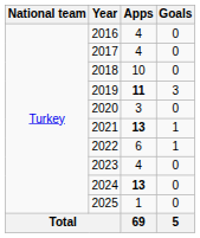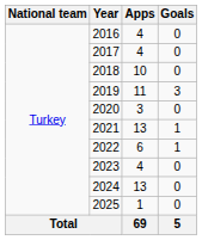 <table class="wikitable" style="text-align:center">
 <tr>
 <th>National team</th>
 <th>Year</th>
 <th>Apps</th>
 <th>Goals</th>
 </tr>
 <tr>
 <td rowspan="10"><a href='#'>Turkey</a></td>
 <td>2016</td>
 <td>4</td>
 <td>0</td>
 </tr>
 <tr>
 <td>2017</td>
 <td>4</td>
 <td>0</td>
 </tr>
 <tr>
 <td>2018</td>
 <td>10</td>
 <td>0</td>
 </tr>
 <tr>
 <td>2019</td>
-<td><strong>11</strong></td>
+<td>11</td>
 <td>3</td>
 </tr>
 <tr>
 <td>2020</td>
 <td>3</td>
 <td>0</td>
 </tr>
 <tr>
 <td>2021</td>
-<td><strong>13</strong></td>
+<td>13</td>
 <td>1</td>
 </tr>
 <tr>
 <td>2022</td>
 <td>6</td>
 <td>1</td>
 </tr>
 <tr>
 <td>2023</td>
 <td>4</td>
 <td>0</td>
 </tr>
 <tr>
 <td>2024</td>
-<td><strong>13</strong></td>
+<td>13</td>
 <td>0</td>
 </tr>
 <tr>
 <td>2025</td>
 <td>1</td>
 <td>0</td>
 </tr>
 <tr>
 <th colspan="2">Total</th>
 <th>69</th>
 <th>5</th>
 </tr>
 </table>
